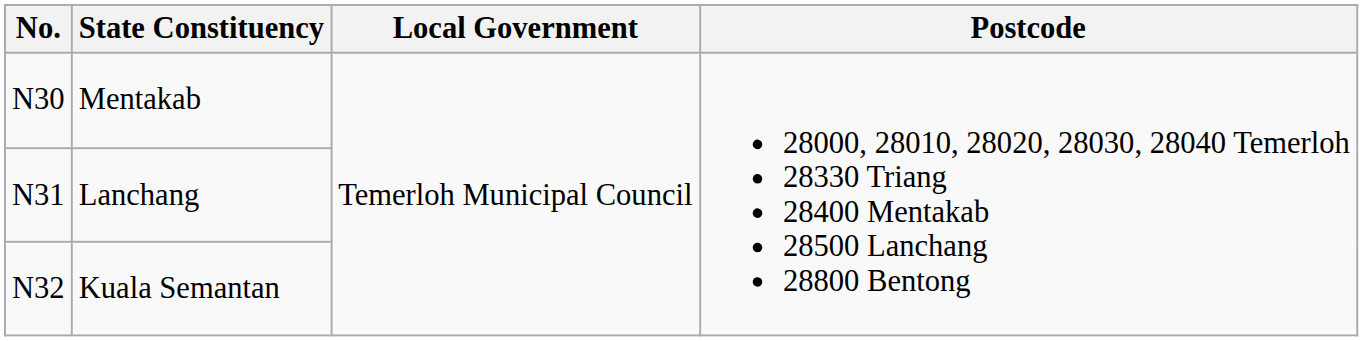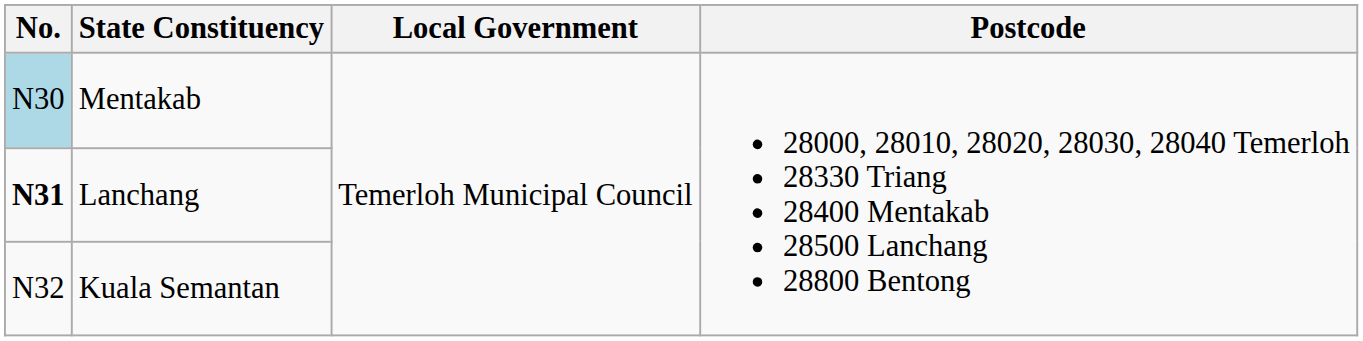 <table class="wikitable">
 <tr>
 <th>No.</th>
 <th>State Constituency</th>
 <th>Local Government</th>
 <th>Postcode</th>
 </tr>
 <tr>
-<td>N30</td>
+<td style="background: lightblue;">N30</td>
 <td>Mentakab</td>
 <td rowspan="3">Temerloh Municipal Council</td>
 <td rowspan="3"><br><ul><li>28000, 28010, 28020, 28030, 28040 Temerloh</li><li>28330 Triang</li><li>28400 Mentakab</li><li>28500 Lanchang</li><li>28800 Bentong</li></ul></td>
 </tr>
 <tr>
-<td>N31</td>
+<td><strong>N31</strong></td>
 <td>Lanchang</td>
 </tr>
 <tr>
 <td>N32</td>
 <td>Kuala Semantan</td>
 </tr>
 </table>
